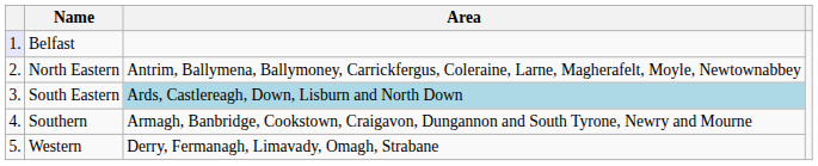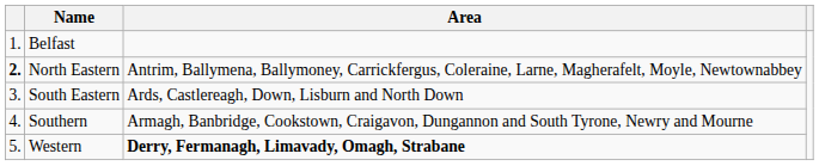 <table class="wikitable">
 <tr>
 <th></th>
 <th>Name</th>
 <th>Area</th>
 <th></th>
 </tr>
 <tr>
-<td style="background: lavender;">1.</td>
+<td>1.</td>
 <td>Belfast</td>
 <td></td>
 <td rowspan= 5></td>
 </tr>
 <tr>
-<td>2.</td>
+<td><strong>2.</strong></td>
 <td>North Eastern</td>
 <td>Antrim, Ballymena, Ballymoney, Carrickfergus, Coleraine, Larne, Magherafelt, Moyle, Newtownabbey</td>
 </tr>
 <tr>
 <td>3.</td>
 <td>South Eastern</td>
-<td style="background: lightblue;">Ards, Castlereagh, Down, Lisburn and North Down</td>
+<td>Ards, Castlereagh, Down, Lisburn and North Down</td>
 </tr>
 <tr>
 <td>4.</td>
 <td>Southern</td>
 <td>Armagh, Banbridge, Cookstown, Craigavon, Dungannon and South Tyrone, Newry and Mourne</td>
 </tr>
 <tr>
 <td>5.</td>
 <td>Western</td>
-<td>Derry, Fermanagh, Limavady, Omagh, Strabane</td>
+<td><strong>Derry, Fermanagh, Limavady, Omagh, Strabane</strong></td>
 </tr>
 </table>
